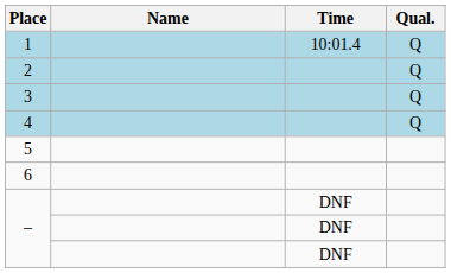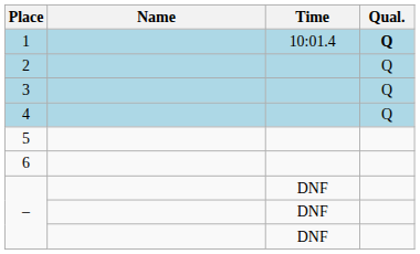 <table class=wikitable style="text-align:center">
 <tr>
 <th width=20>Place</th>
 <th width=220>Name</th>
 <th width=90>Time</th>
 <th width=50>Qual.</th>
 </tr>
 <tr bgcolor=lightblue>
 <td>1</td>
 <td align=left></td>
 <td>10:01.4</td>
-<td>Q</td>
+<td><strong>Q</strong></td>
 </tr>
 <tr bgcolor=lightblue>
 <td>2</td>
 <td align=left></td>
 <td></td>
 <td>Q</td>
 </tr>
 <tr bgcolor=lightblue>
 <td>3</td>
 <td align=left></td>
 <td></td>
 <td>Q</td>
 </tr>
 <tr bgcolor=lightblue>
 <td>4</td>
 <td align=left></td>
 <td></td>
 <td>Q</td>
 </tr>
 <tr>
 <td>5</td>
 <td align=left></td>
 <td></td>
 <td></td>
 </tr>
 <tr>
 <td>6</td>
 <td align=left></td>
 <td></td>
 <td></td>
 </tr>
 <tr>
 <td rowspan=3>–</td>
 <td align=left></td>
 <td>DNF</td>
 <td></td>
 </tr>
 <tr>
 <td align=left></td>
 <td>DNF</td>
 <td></td>
 </tr>
 <tr>
 <td align=left></td>
 <td>DNF</td>
 <td></td>
 </tr>
 </table>
